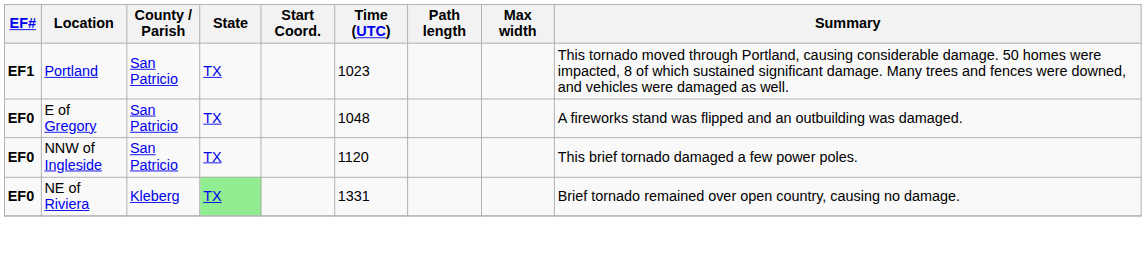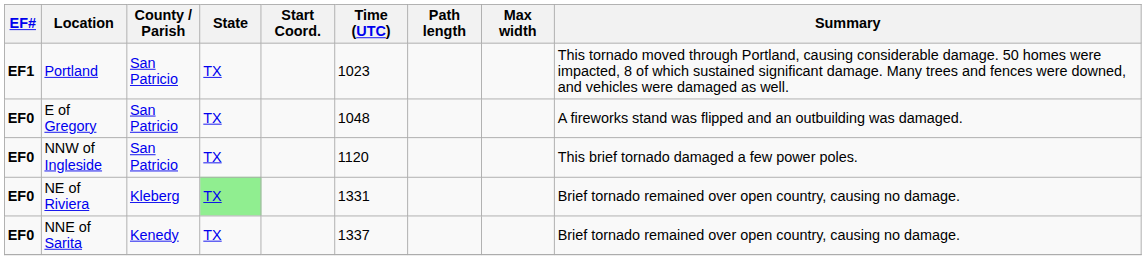 <table class="wikitable sortable" style="width:100%;">
 <tr>
 <th scope="col"  style="width:3%; text-align:center;"><a href='#'>EF#</a></th>
 <th scope="col"  style="width:7%; text-align:center;" class="unsortable">Location</th>
 <th scope="col"  style="width:6%; text-align:center;" class="unsortable">County / Parish</th>
 <th scope="col"  style="width:5%; text-align:center;">State</th>
 <th scope="col"  style="width:6%; text-align:center;">Start Coord.</th>
 <th scope="col"  style="width:6%; text-align:center;">Time (<a href='#'>UTC</a>)</th>
 <th scope="col"  style="width:6%; text-align:center;">Path length</th>
 <th scope="col"  style="width:6%; text-align:center;">Max width</th>
 <th scope="col" class="unsortable" style="width:48%; text-align:center;">Summary</th>
 </tr>
 <tr>
 <td><strong>EF1</strong></td>
 <td><a href='#'>Portland</a></td>
 <td><a href='#'>San Patricio</a></td>
 <td><a href='#'>TX</a></td>
 <td></td>
 <td>1023</td>
 <td></td>
 <td></td>
 <td>This tornado moved through Portland, causing considerable damage. 50 homes were impacted, 8 of which sustained significant damage. Many trees and fences were downed, and vehicles were damaged as well.</td>
 </tr>
 <tr>
 <td><strong>EF0</strong></td>
 <td>E of <a href='#'>Gregory</a></td>
 <td><a href='#'>San Patricio</a></td>
 <td><a href='#'>TX</a></td>
 <td></td>
 <td>1048</td>
 <td></td>
 <td></td>
 <td>A fireworks stand was flipped and an outbuilding was damaged.</td>
 </tr>
 <tr>
 <td><strong>EF0</strong></td>
 <td>NNW of <a href='#'>Ingleside</a></td>
 <td><a href='#'>San Patricio</a></td>
 <td><a href='#'>TX</a></td>
 <td></td>
 <td>1120</td>
 <td></td>
 <td></td>
 <td>This brief tornado damaged a few power poles.</td>
 </tr>
 <tr>
 <td><strong>EF0</strong></td>
 <td>NE of <a href='#'>Riviera</a></td>
 <td><a href='#'>Kleberg</a></td>
 <td style="background: lightgreen;"><a href='#'>TX</a></td>
 <td></td>
 <td>1331</td>
 <td></td>
 <td></td>
 <td>Brief tornado remained over open country, causing no damage.</td>
 </tr>
 <tr>
+<td><strong>EF0</strong></td>
+<td>NNE of <a href='#'>Sarita</a></td>
+<td><a href='#'>Kenedy</a></td>
+<td><a href='#'>TX</a></td>
+<td></td>
+<td>1337</td>
+<td></td>
+<td></td>
+<td>Brief tornado remained over open country, causing no damage.</td>
+</tr>
+<tr>
 </tr>
 </table>
